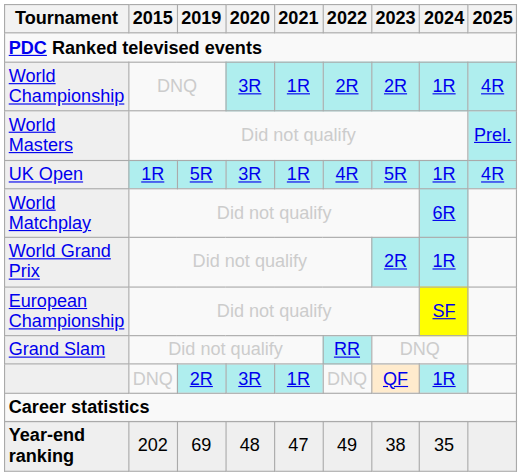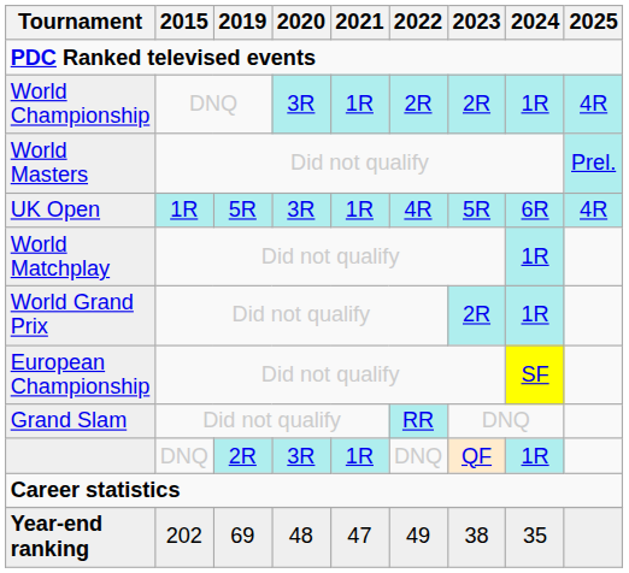 <table class="wikitable" style="width:30%; margin:0">
 <tr>
 <th>Tournament</th>
 <th>2015</th>
 <th>2019</th>
 <th>2020</th>
 <th>2021</th>
 <th>2022</th>
 <th>2023</th>
 <th>2024</th>
 <th>2025</th>
 </tr>
 <tr>
 <td colspan="16" style="text-align:left"><strong><a href='#'>PDC</a> Ranked televised events</strong></td>
 </tr>
 <tr>
 <td style="background:#efefef;"><a href='#'>World Championship</a></td>
 <td colspan="2" style="text-align:center; color:#ccc;">DNQ</td>
 <td style="text-align:center; background:#afeeee;"><a href='#'>3R</a></td>
 <td style="text-align:center; background:#afeeee;"><a href='#'>1R</a></td>
 <td style="text-align:center; background:#afeeee;"><a href='#'>2R</a></td>
 <td style="text-align:center; background:#afeeee;"><a href='#'>2R</a></td>
 <td style="text-align:center; background:#afeeee;"><a href='#'>1R</a></td>
 <td style="text-align:center; background:#afeeee;"><a href='#'>4R</a></td>
 </tr>
 <tr>
 <td style="background:#efefef;"><a href='#'>World Masters</a></td>
 <td colspan="7" style="text-align:center; color:#ccc;">Did not qualify</td>
 <td style="text-align:center; background:#afeeee;"><a href='#'>Prel.</a></td>
 </tr>
 <tr>
 <td style="background:#efefef;"><a href='#'>UK Open</a></td>
 <td style="text-align:center; background:#afeeee;"><a href='#'>1R</a></td>
 <td style="text-align:center; background:#afeeee;"><a href='#'>5R</a></td>
 <td style="text-align:center; background:#afeeee;"><a href='#'>3R</a></td>
 <td style="text-align:center; background:#afeeee;"><a href='#'>1R</a></td>
 <td style="text-align:center; background:#afeeee;"><a href='#'>4R</a></td>
 <td style="text-align:center; background:#afeeee;"><a href='#'>5R</a></td>
-<td style="text-align:center; background:#afeeee;"><a href='#'>1R</a></td>
+<td style="text-align:center; background:#afeeee;"><a href='#'>6R</a></td>
 <td style="text-align:center; background:#afeeee;"><a href='#'>4R</a></td>
 </tr>
 <tr>
 <td style="background:#efefef;"><a href='#'>World Matchplay</a></td>
 <td colspan="6" style="text-align:center; color:#ccc;">Did not qualify</td>
-<td style="text-align:center; background:#afeeee;"><a href='#'>6R</a></td>
+<td style="text-align:center; background:#afeeee;"><a href='#'>1R</a></td>
 <td></td>
 </tr>
 <tr>
 <td style="background:#efefef;"><a href='#'>World Grand Prix</a></td>
 <td colspan="5" style="text-align:center; color:#ccc;">Did not qualify</td>
 <td style="text-align:center; background:#afeeee;"><a href='#'>2R</a></td>
 <td style="text-align:center; background:#afeeee;"><a href='#'>1R</a></td>
 <td></td>
 </tr>
 <tr>
 <td style="background:#efefef;"><a href='#'>European Championship</a></td>
 <td colspan="6" style="text-align:center; color:#ccc;">Did not qualify</td>
 <td style="text-align:center; background:yellow;"><a href='#'>SF</a></td>
 <td></td>
 </tr>
 <tr>
 <td style="background:#efefef;"><a href='#'>Grand Slam</a></td>
 <td colspan="4" style="text-align:center; color:#ccc;">Did not qualify</td>
 <td style="text-align:center; background:#afeeee;"><a href='#'>RR</a></td>
 <td colspan="2" style="text-align:center; color:#ccc;">DNQ</td>
 <td></td>
 </tr>
 <tr>
 <td style="background:#efefef;"></td>
 <td style="text-align:center; color:#ccc;">DNQ</td>
 <td style="text-align:center; background:#afeeee;"><a href='#'>2R</a></td>
 <td style="text-align:center; background:#afeeee;"><a href='#'>3R</a></td>
 <td style="text-align:center; background:#afeeee;"><a href='#'>1R</a></td>
 <td style="text-align:center; color:#ccc;">DNQ</td>
 <td style="text-align:center; background:#ffebcd;"><a href='#'>QF</a></td>
 <td style="text-align:center; background:#afeeee;"><a href='#'>1R</a></td>
 <td></td>
 </tr>
 <tr>
 <td colspan="14" align="left"><strong>Career statistics</strong></td>
 </tr>
 <tr>
 </tr>
 <tr bgcolor="efefef">
 <td align="left"><strong>Year-end ranking</strong></td>
 <td style="text-align:center;">202</td>
 <td style="text-align:center;">69</td>
 <td style="text-align:center;">48</td>
 <td style="text-align:center;">47</td>
 <td style="text-align:center;">49</td>
 <td style="text-align:center;">38</td>
 <td style="text-align:center;">35</td>
 <td></td>
 </tr>
 </table>
